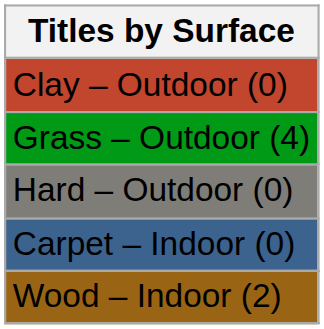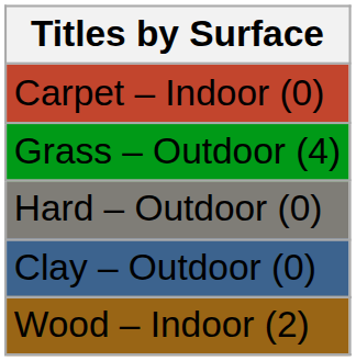 <table class="wikitable" style="display:inline-table;">
 <tr>
 <th>Titles by Surface</th>
 </tr>
 <tr style="background:#C2452D;">
-<td>Clay – Outdoor (0)</td>
+<td>Carpet – Indoor (0)</td>
 </tr>
 <tr style="background:#009A17;">
 <td>Grass – Outdoor (4)</td>
 </tr>
 <tr style="background:#7F7D77;">
 <td>Hard – Outdoor (0)</td>
 </tr>
 <tr style="background:#3C638E;">
-<td>Carpet – Indoor (0)</td>
+<td>Clay – Outdoor (0)</td>
 </tr>
 <tr>
 </tr>
 <tr style="background:#996515;">
 <td>Wood – Indoor (2)</td>
 </tr>
 <tr>
 </tr>
 </table>
